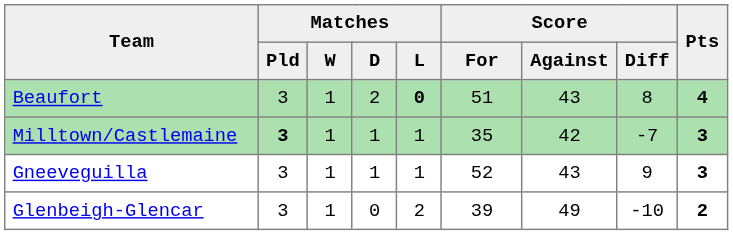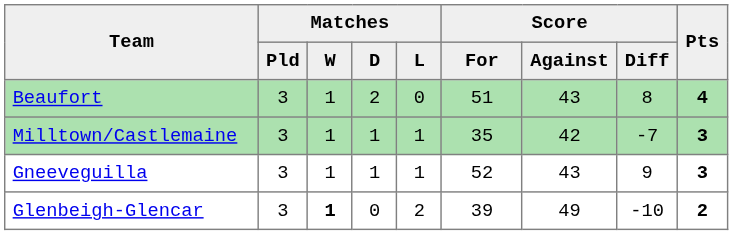 <table style=border-collapse:collapse border=1 cellspacing=0 cellpadding=5>
 <tr align=center bgcolor=#efefef>
 <th rowspan=2 width=165>Team</th>
 <th colspan=4>Matches</th>
 <th colspan=3>Score</th>
 <th rowspan=2width=20>Pts</th>
 </tr>
 <tr align=center bgcolor=#efefef>
 <th width=20>Pld</th>
 <th width=20>W</th>
 <th width=20>D</th>
 <th width=20>L</th>
 <th width=45>For</th>
 <th width=45>Against</th>
 <th width=30>Diff</th>
 </tr>
 <tr align=center style="background:#ACE1AF;">
 <td style="text-align:left;"><a href='#'>Beaufort</a></td>
 <td>3</td>
 <td>1</td>
 <td>2</td>
-<td><strong>0</strong></td>
+<td>0</td>
 <td>51</td>
 <td>43</td>
 <td>8</td>
 <td><strong>4</strong></td>
 </tr>
 <tr align=center style="background:#ACE1AF;">
 <td style="text-align:left;"><a href='#'>Milltown/Castlemaine</a></td>
-<td><strong>3</strong></td>
+<td>3</td>
 <td>1</td>
 <td>1</td>
 <td>1</td>
 <td>35</td>
 <td>42</td>
 <td>-7</td>
 <td><strong>3</strong></td>
 </tr>
 <tr align=center>
 <td style="text-align:left;"><a href='#'>Gneeveguilla</a></td>
 <td>3</td>
 <td>1</td>
 <td>1</td>
 <td>1</td>
 <td>52</td>
 <td>43</td>
 <td>9</td>
 <td><strong>3</strong></td>
 </tr>
 <tr align=center>
 <td style="text-align:left;"><a href='#'>Glenbeigh-Glencar</a></td>
 <td>3</td>
-<td>1</td>
+<td><strong>1</strong></td>
 <td>0</td>
 <td>2</td>
 <td>39</td>
 <td>49</td>
 <td>-10</td>
 <td><strong>2</strong></td>
 </tr>
 </table>
